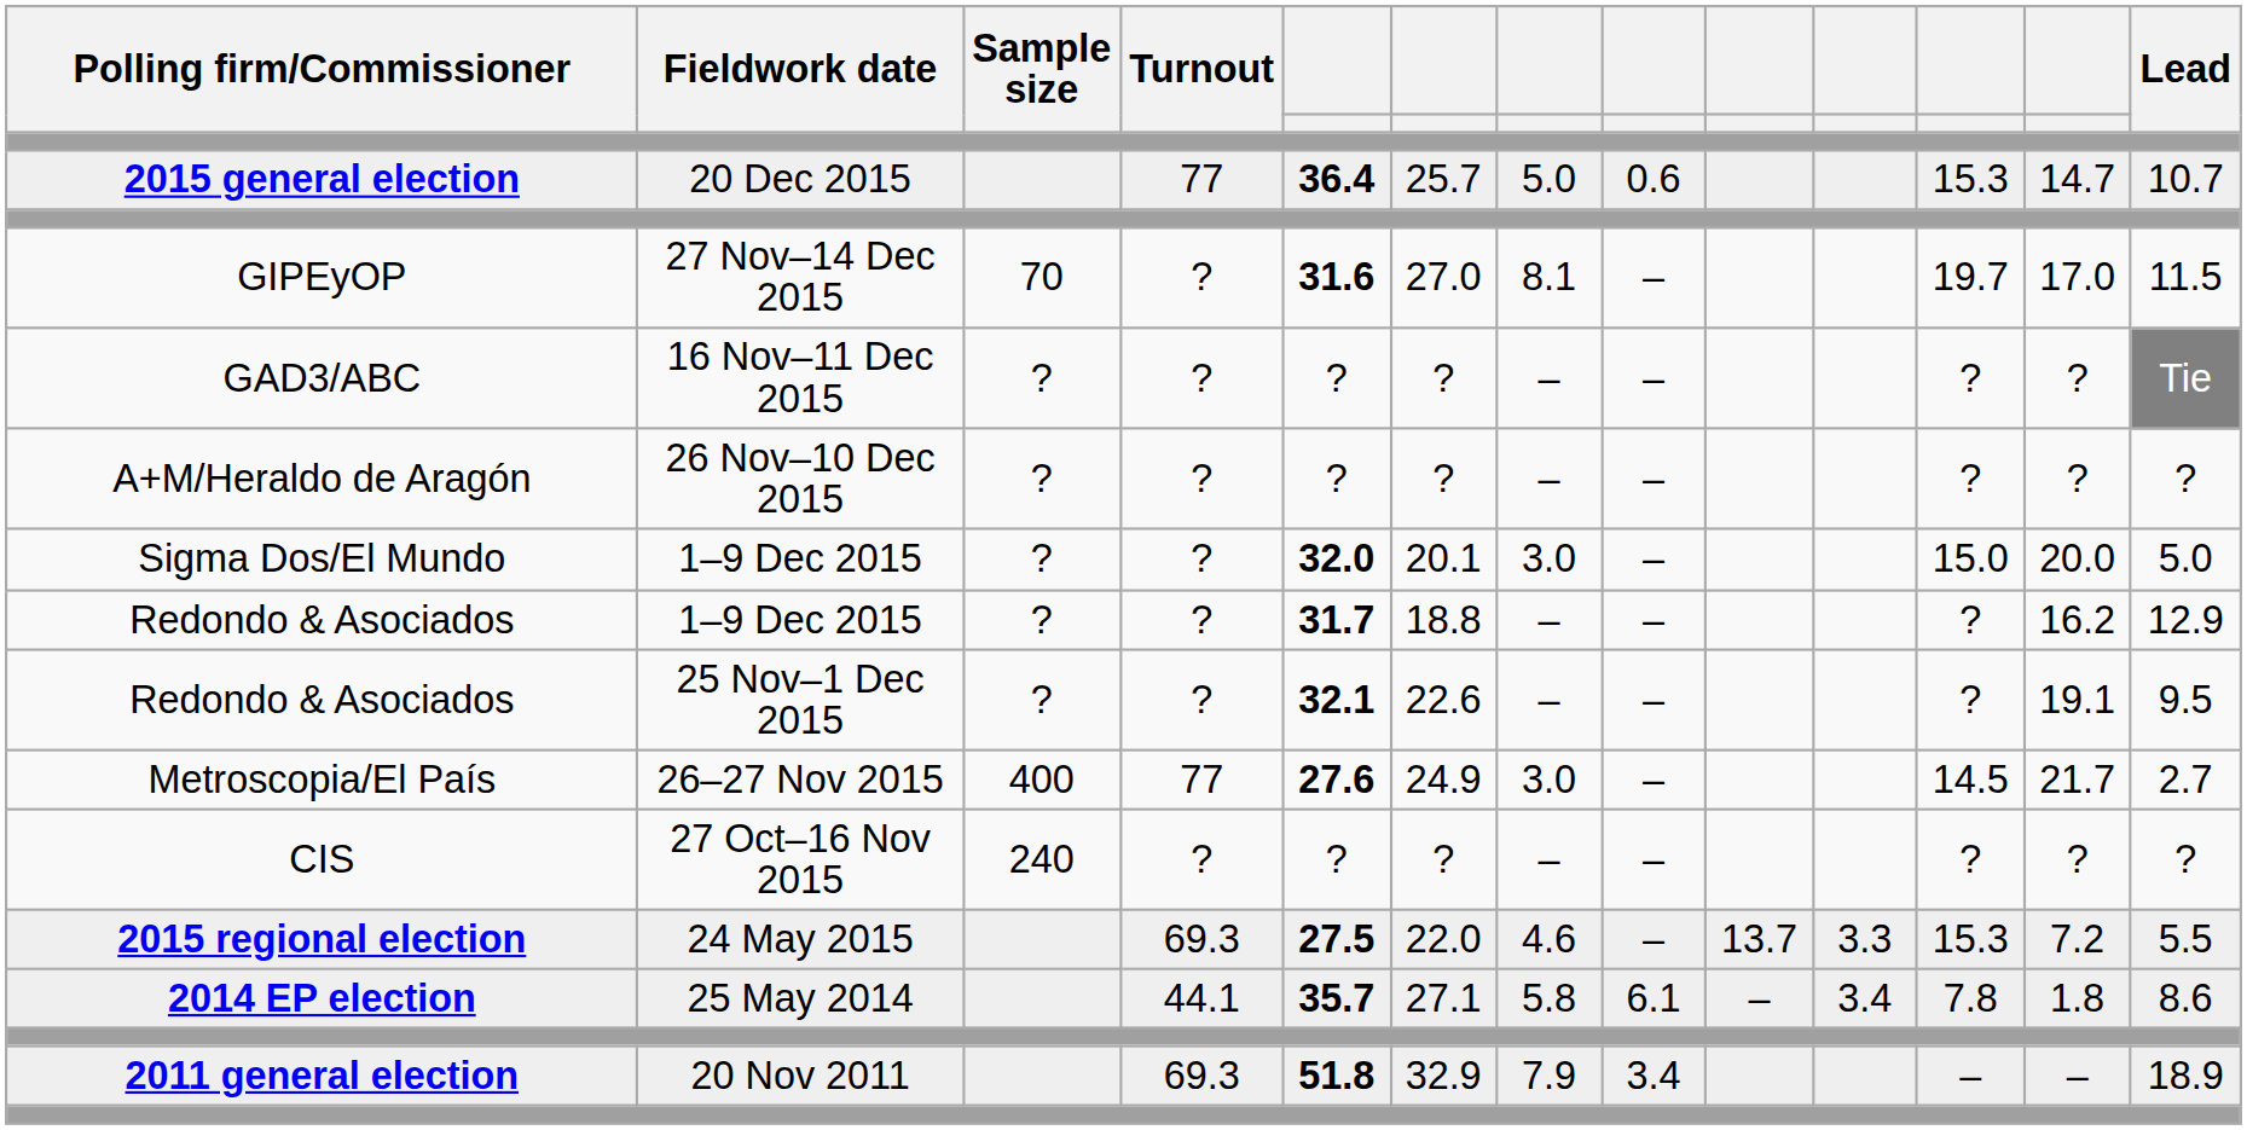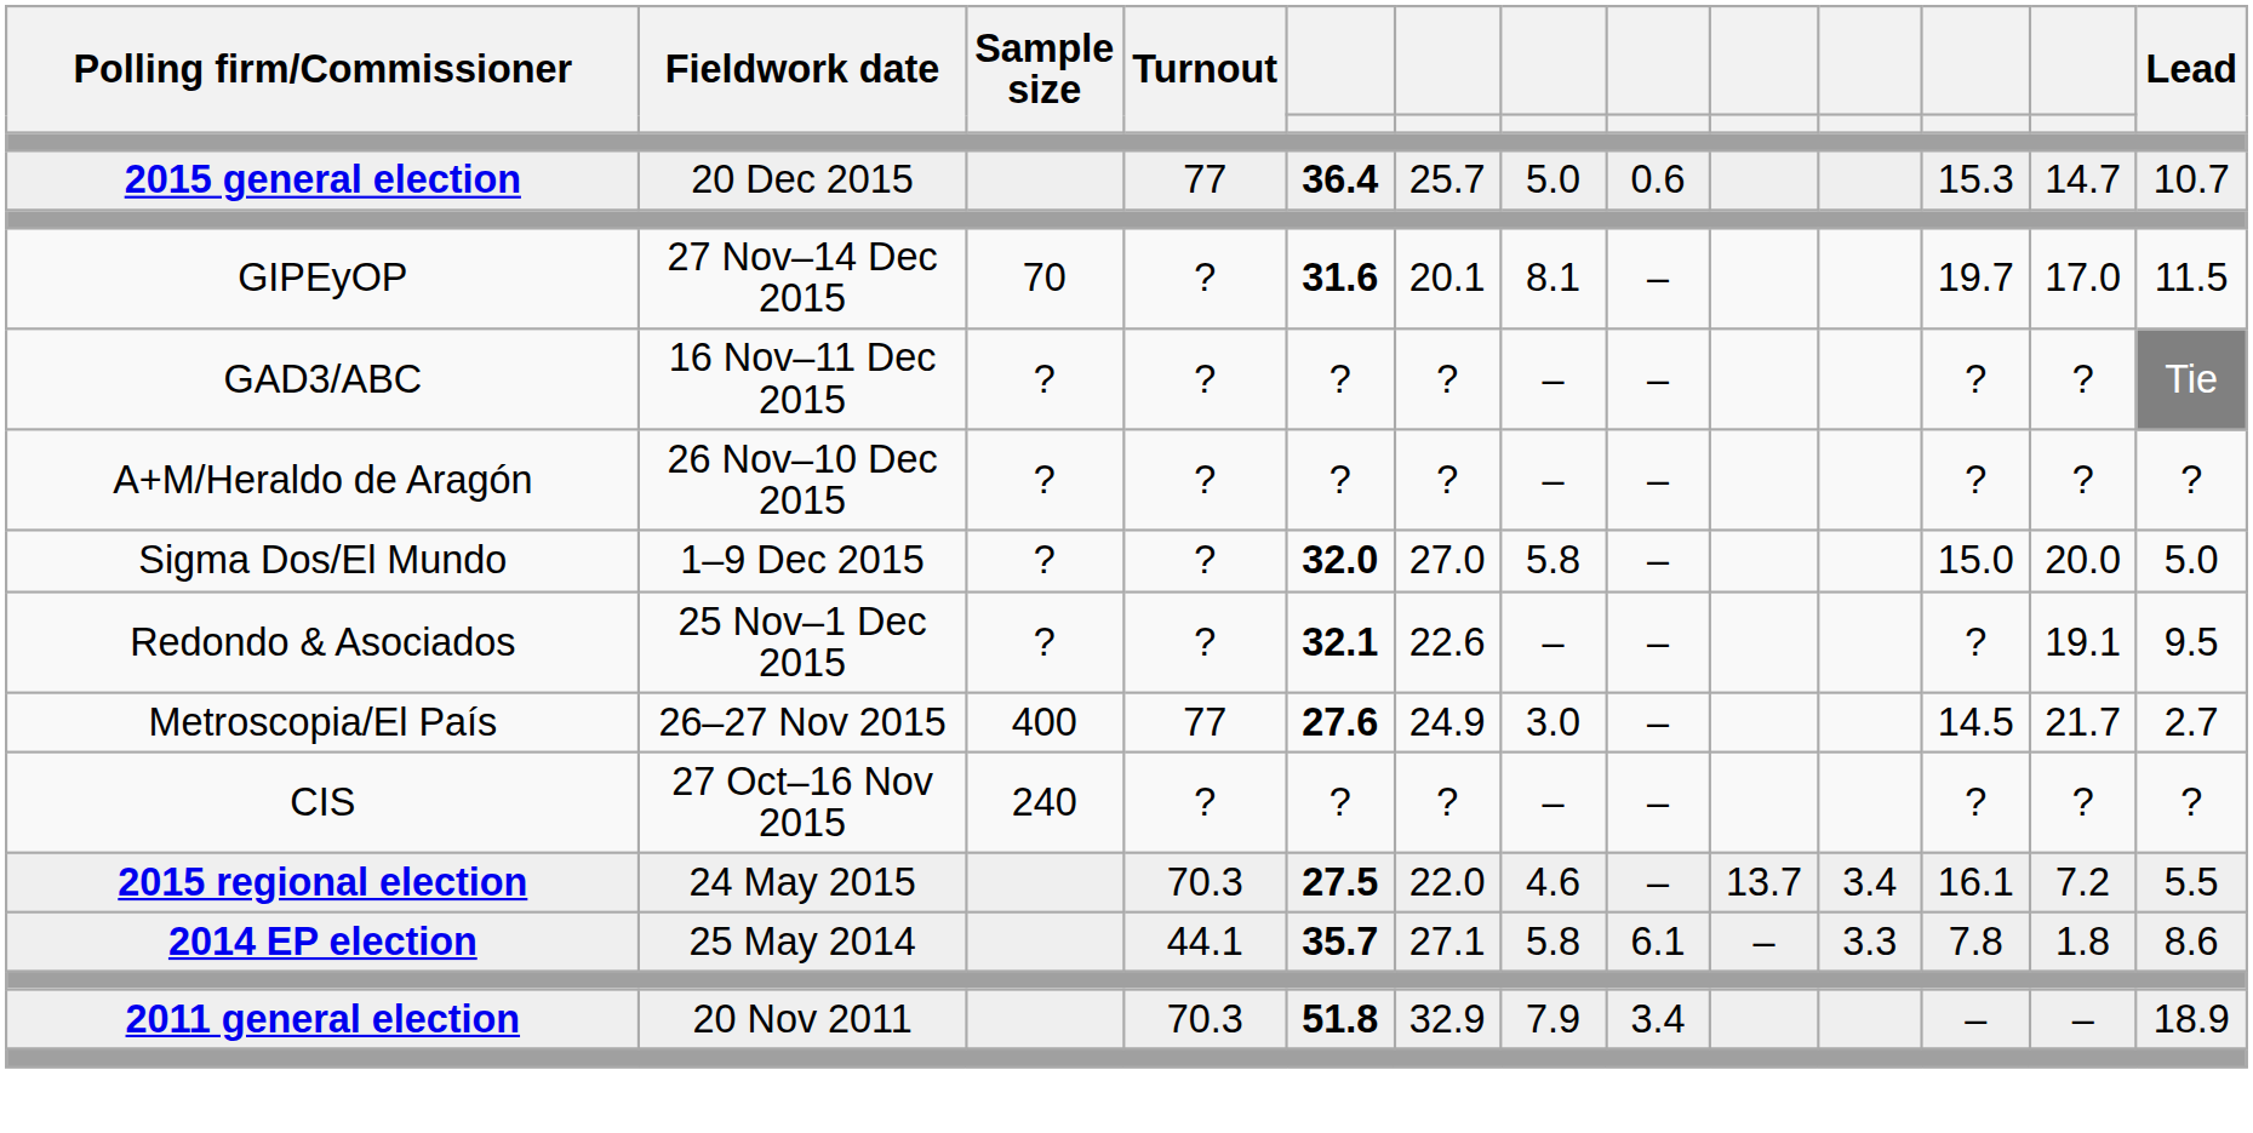 <table class="wikitable collapsible collapsed" style="text-align:center; font-size:95%; line-height:16px;">
 <tr style="height:42px; background-color:#E9E9E9">
 <th style="width:250px;" rowspan="2">Polling firm/Commissioner</th>
 <th style="width:125px;" rowspan="2">Fieldwork date</th>
 <th style="width:50px;" rowspan="2">Sample size</th>
 <th style="width:45px;" rowspan="2">Turnout</th>
 <th style="width:35px;"></th>
 <th style="width:35px;"></th>
 <th style="width:35px;"></th>
 <th style="width:35px;"></th>
 <th style="width:35px;"></th>
 <th style="width:35px;"></th>
 <th style="width:35px;"></th>
 <th style="width:35px;"></th>
 <th style="width:30px;" rowspan="2">Lead</th>
 </tr>
 <tr>
 <th style="color:inherit;background:"></th>
 <th style="color:inherit;background:"></th>
 <th style="color:inherit;background:"></th>
 <th style="color:inherit;background:"></th>
 <th style="color:inherit;background:"></th>
 <th style="color:inherit;background:"></th>
 <th style="color:inherit;background:"></th>
 <th style="color:inherit;background:"></th>
 </tr>
 <tr>
 <td colspan="13" style="background:#A0A0A0"></td>
 </tr>
 <tr style="background:#EFEFEF;">
 <td><strong><a href='#'>2015 general election</a></strong></td>
 <td>20 Dec 2015</td>
 <td></td>
 <td>77</td>
 <td><strong>36.4</strong><br></td>
 <td>25.7<br></td>
 <td>5.0<br></td>
 <td>0.6<br></td>
 <td></td>
 <td></td>
 <td>15.3<br></td>
 <td>14.7<br></td>
 <td style="background:">10.7</td>
 </tr>
 <tr>
 <td colspan="13" style="background:#A0A0A0"></td>
 </tr>
 <tr>
 <td>GIPEyOP</td>
 <td>27 Nov–14 Dec 2015</td>
 <td>70</td>
 <td>?</td>
 <td><strong>31.6</strong><br></td>
-<td>27.0<br></td>
+<td>20.1<br></td>
 <td>8.1<br></td>
 <td>–</td>
 <td></td>
 <td></td>
 <td>19.7<br></td>
 <td>17.0<br></td>
 <td style="background:">11.5</td>
 </tr>
 <tr>
 <td>GAD3/ABC</td>
 <td>16 Nov–11 Dec 2015</td>
 <td>?</td>
 <td>?</td>
 <td>?<br></td>
 <td>?<br></td>
 <td>–</td>
 <td>–</td>
 <td></td>
 <td></td>
 <td>?<br></td>
 <td>?<br></td>
 <td style="background:gray;color:white;">Tie</td>
 </tr>
 <tr>
 <td>A+M/Heraldo de Aragón</td>
 <td>26 Nov–10 Dec 2015</td>
 <td>?</td>
 <td>?</td>
 <td>?<br></td>
 <td>?<br></td>
 <td>–</td>
 <td>–</td>
 <td></td>
 <td></td>
 <td>?<br></td>
 <td>?<br></td>
 <td style="background:">?</td>
 </tr>
 <tr>
 <td>Sigma Dos/El Mundo</td>
 <td>1–9 Dec 2015</td>
 <td>?</td>
 <td>?</td>
 <td><strong>32.0</strong><br></td>
-<td>20.1<br></td>
-<td>3.0<br></td>
+<td>27.0<br></td>
+<td>5.8<br></td>
 <td>–</td>
 <td></td>
 <td></td>
 <td>15.0<br></td>
 <td>20.0<br></td>
 <td style="background:">5.0</td>
-</tr>
-<tr>
-<td>Redondo & Asociados</td>
-<td>1–9 Dec 2015</td>
-<td>?</td>
-<td>?</td>
-<td><strong>31.7</strong><br></td>
-<td>18.8<br></td>
-<td>–</td>
-<td>–</td>
-<td></td>
-<td></td>
-<td>?<br></td>
-<td>16.2<br></td>
-<td style="background:">12.9</td>
 </tr>
 <tr>
 <td>Redondo & Asociados</td>
 <td>25 Nov–1 Dec 2015</td>
 <td>?</td>
 <td>?</td>
 <td><strong>32.1</strong><br></td>
 <td>22.6<br></td>
 <td>–</td>
 <td>–</td>
 <td></td>
 <td></td>
 <td>?<br></td>
 <td>19.1<br></td>
 <td style="background:">9.5</td>
 </tr>
 <tr>
 <td>Metroscopia/El País</td>
 <td>26–27 Nov 2015</td>
 <td>400</td>
 <td>77</td>
 <td><strong>27.6</strong><br></td>
 <td>24.9<br></td>
 <td>3.0<br></td>
 <td>–</td>
 <td></td>
 <td></td>
 <td>14.5<br></td>
 <td>21.7<br></td>
 <td style="background:">2.7</td>
 </tr>
 <tr>
 <td>CIS</td>
 <td>27 Oct–16 Nov 2015</td>
 <td>240</td>
 <td>?</td>
 <td>?<br></td>
 <td>?<br></td>
 <td>–</td>
 <td>–</td>
 <td></td>
 <td></td>
 <td>?<br></td>
 <td>?<br></td>
 <td style="background:">?</td>
 </tr>
 <tr style="background:#EFEFEF;">
 <td><strong><a href='#'>2015 regional election</a></strong></td>
 <td>24 May 2015</td>
 <td></td>
-<td>69.3</td>
+<td>70.3</td>
 <td><strong>27.5</strong><br></td>
 <td>22.0<br></td>
 <td>4.6<br></td>
 <td>–</td>
 <td>13.7<br></td>
-<td>3.3<br></td>
-<td>15.3<br></td>
+<td>3.4<br></td>
+<td>16.1<br></td>
 <td>7.2<br></td>
 <td style="background:">5.5</td>
 </tr>
 <tr style="background:#EFEFEF;">
 <td><strong><a href='#'>2014 EP election</a></strong></td>
 <td>25 May 2014</td>
 <td></td>
 <td>44.1</td>
 <td><strong>35.7</strong><br></td>
 <td>27.1<br></td>
 <td>5.8<br></td>
 <td>6.1<br></td>
 <td>–</td>
-<td>3.4<br></td>
+<td>3.3<br></td>
 <td>7.8<br></td>
 <td>1.8<br></td>
 <td style="background:">8.6</td>
 </tr>
 <tr>
 <td colspan="13" style="background:#A0A0A0"></td>
 </tr>
 <tr style="background:#EFEFEF;">
 <td><strong><a href='#'>2011 general election</a></strong></td>
 <td>20 Nov 2011</td>
 <td></td>
-<td>69.3</td>
+<td>70.3</td>
 <td><strong>51.8</strong><br></td>
 <td>32.9<br></td>
 <td>7.9<br></td>
 <td>3.4<br></td>
 <td></td>
 <td></td>
 <td>–</td>
 <td>–</td>
 <td style="background:">18.9</td>
 </tr>
 <tr>
 <td colspan="13" style="background:#A0A0A0"></td>
 </tr>
 </table>
